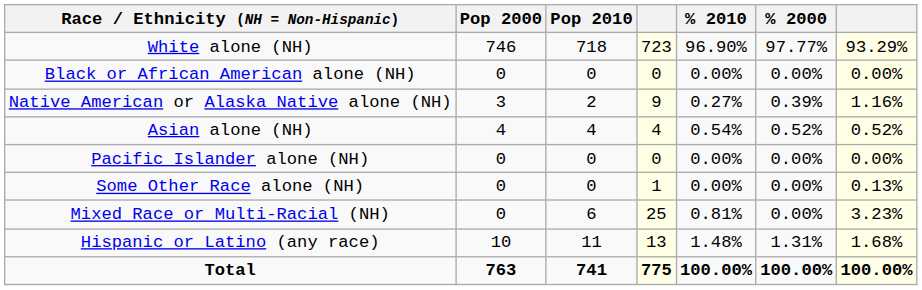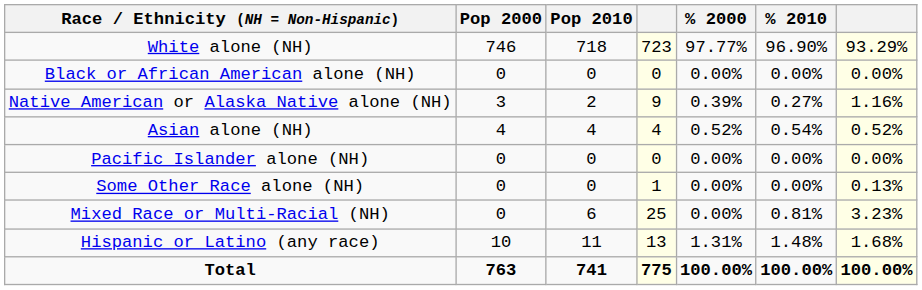 <table class="wikitable" style="text-align:center;">
 <tr>
 <th>Race / Ethnicity <small>(<em>NH = Non-Hispanic</em>)</small></th>
 <th>Pop 2000</th>
 <th>Pop 2010</th>
 <th></th>
+<th>% 2000</th>
 <th>% 2010</th>
-<th>% 2000</th>
 <th></th>
 </tr>
 <tr>
 <td><a href='#'>White</a> alone (NH)</td>
 <td>746</td>
 <td>718</td>
 <td style='background: #ffffe6;'>723</td>
+<td>97.77%</td>
 <td>96.90%</td>
-<td>97.77%</td>
 <td style='background: #ffffe6;'>93.29%</td>
 </tr>
 <tr>
 <td><a href='#'>Black or African American</a> alone (NH)</td>
 <td>0</td>
 <td>0</td>
 <td style='background: #ffffe6;'>0</td>
 <td>0.00%</td>
 <td>0.00%</td>
 <td style='background: #ffffe6;'>0.00%</td>
 </tr>
 <tr>
 <td><a href='#'>Native American</a> or <a href='#'>Alaska Native</a> alone (NH)</td>
 <td>3</td>
 <td>2</td>
 <td style='background: #ffffe6;'>9</td>
+<td>0.39%</td>
 <td>0.27%</td>
-<td>0.39%</td>
 <td style='background: #ffffe6;'>1.16%</td>
 </tr>
 <tr>
 <td><a href='#'>Asian</a> alone (NH)</td>
 <td>4</td>
 <td>4</td>
 <td style='background: #ffffe6;'>4</td>
+<td>0.52%</td>
 <td>0.54%</td>
-<td>0.52%</td>
 <td style='background: #ffffe6;'>0.52%</td>
 </tr>
 <tr>
 <td><a href='#'>Pacific Islander</a> alone (NH)</td>
 <td>0</td>
 <td>0</td>
 <td style='background: #ffffe6;'>0</td>
 <td>0.00%</td>
 <td>0.00%</td>
 <td style='background: #ffffe6;'>0.00%</td>
 </tr>
 <tr>
 <td><a href='#'>Some Other Race</a> alone (NH)</td>
 <td>0</td>
 <td>0</td>
 <td style='background: #ffffe6;'>1</td>
 <td>0.00%</td>
 <td>0.00%</td>
 <td style='background: #ffffe6;'>0.13%</td>
 </tr>
 <tr>
 <td><a href='#'>Mixed Race or Multi-Racial</a> (NH)</td>
 <td>0</td>
 <td>6</td>
 <td style='background: #ffffe6;'>25</td>
+<td>0.00%</td>
 <td>0.81%</td>
-<td>0.00%</td>
 <td style='background: #ffffe6;'>3.23%</td>
 </tr>
 <tr>
 <td><a href='#'>Hispanic or Latino</a> (any race)</td>
 <td>10</td>
 <td>11</td>
 <td style='background: #ffffe6;'>13</td>
+<td>1.31%</td>
 <td>1.48%</td>
-<td>1.31%</td>
 <td style='background: #ffffe6;'>1.68%</td>
 </tr>
 <tr>
 <td><strong>Total</strong></td>
 <td><strong>763</strong></td>
 <td><strong>741</strong></td>
 <td style='background: #ffffe6;'><strong>775</strong></td>
 <td><strong>100.00%</strong></td>
 <td><strong>100.00%</strong></td>
 <td style='background: #ffffe6;'><strong>100.00%</strong></td>
 </tr>
 </table>
